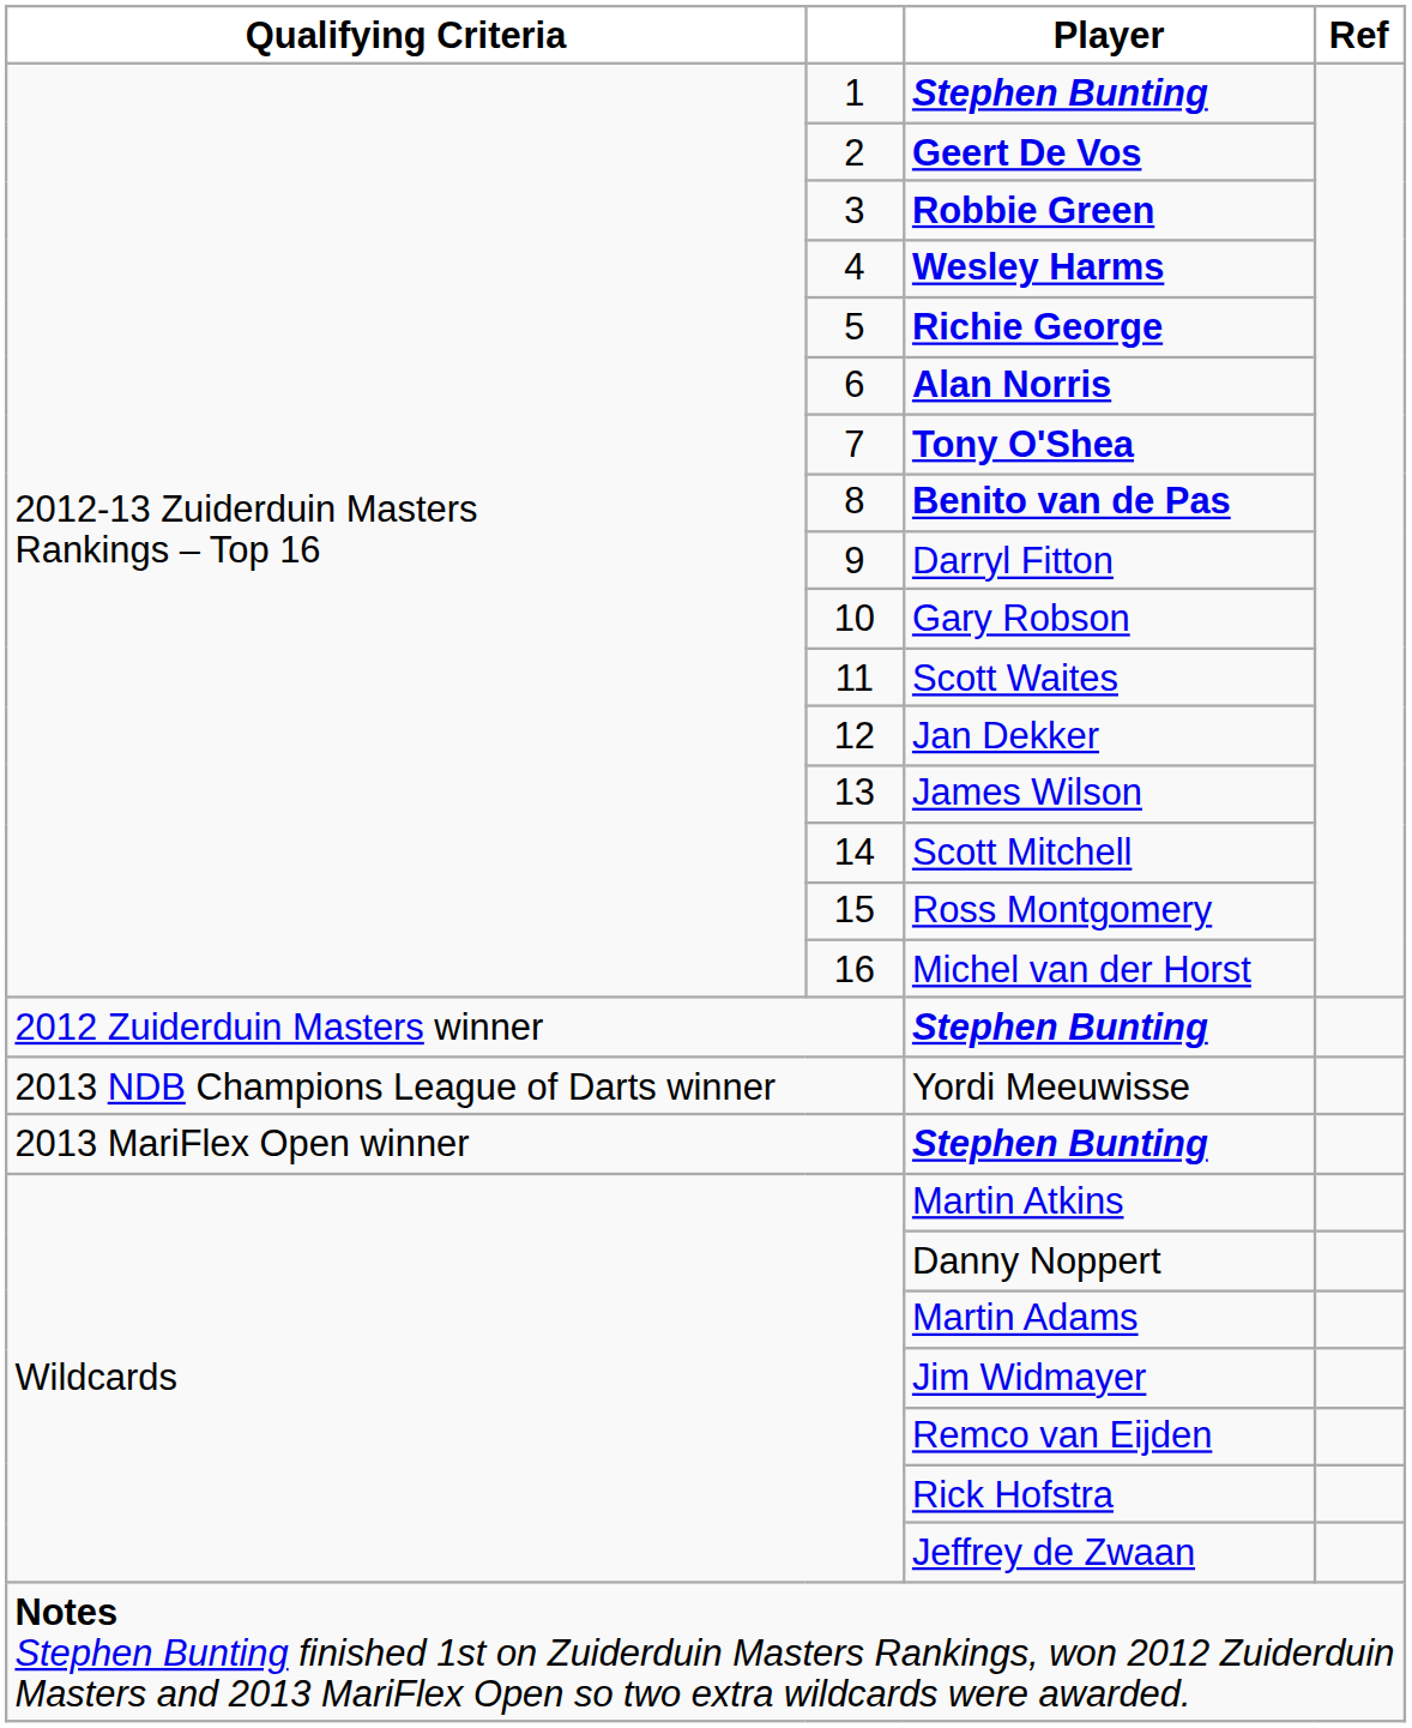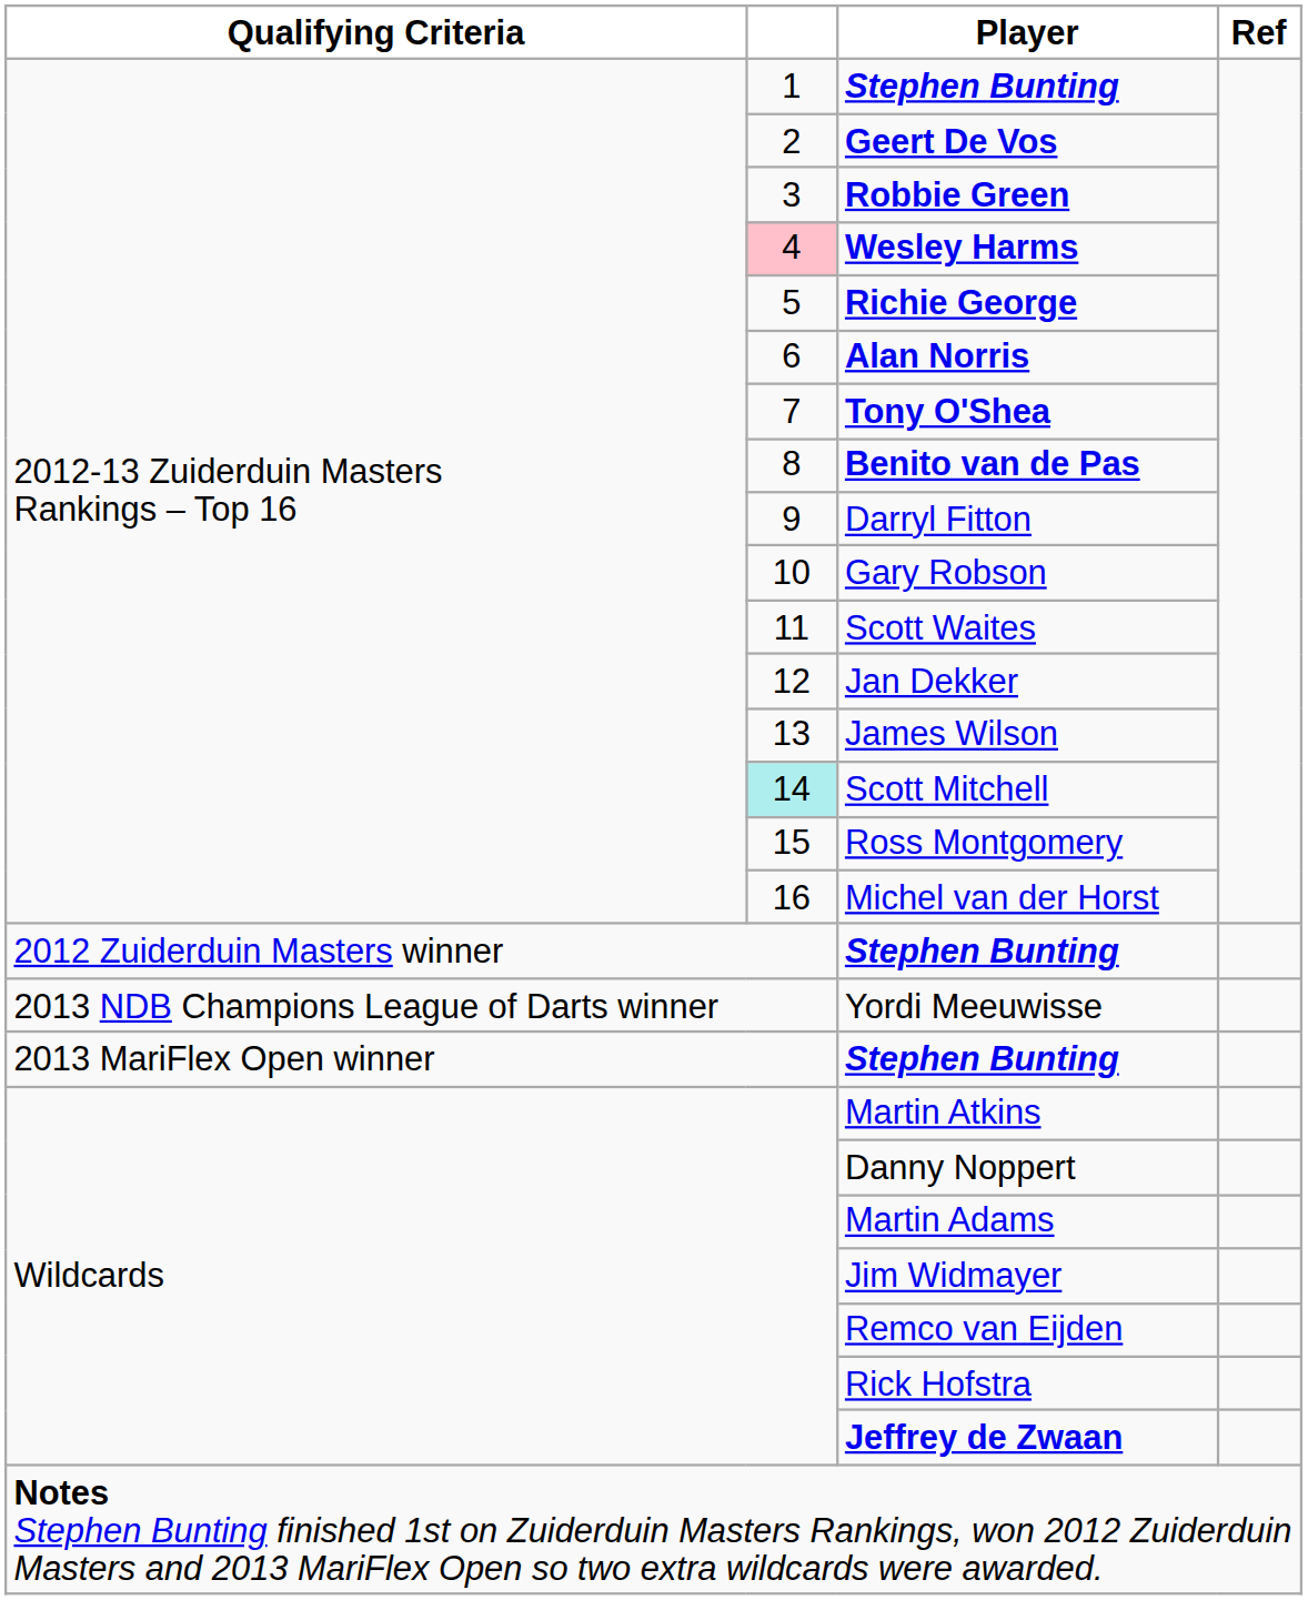 <table class="wikitable sortable collapsible collapsed" style="font-size:85%;">
 <tr>
 <th style="background:#ffffff; color:black;">Qualifying Criteria</th>
 <th style="background:#ffffff; color:black;"></th>
 <th style="background:#ffffff; color:black;">Player</th>
 <th style="background:#ffffff; color:black;">Ref</th>
 </tr>
 <tr>
 <td rowspan=16>2012-13 Zuiderduin Masters<br>Rankings – Top 16</td>
 <td style="text-align: center;">1</td>
 <td> <strong><em><a href='#'>Stephen Bunting</a></em></strong></td>
 <td rowspan=16></td>
 </tr>
 <tr>
 <td style="text-align: center;">2</td>
 <td> <strong><a href='#'>Geert De Vos</a></strong></td>
 </tr>
 <tr>
 <td style="text-align: center;">3</td>
 <td> <strong><a href='#'>Robbie Green</a></strong></td>
 </tr>
 <tr>
-<td style="text-align: center;">4</td>
+<td style="background: pink; text-align: center;">4</td>
 <td> <strong><a href='#'>Wesley Harms</a></strong></td>
 </tr>
 <tr>
 <td style="text-align: center;">5</td>
 <td> <strong><a href='#'>Richie George</a></strong></td>
 </tr>
 <tr>
 <td style="text-align: center;">6</td>
 <td> <strong><a href='#'>Alan Norris</a></strong></td>
 </tr>
 <tr>
 <td style="text-align: center;">7</td>
 <td> <strong><a href='#'>Tony O'Shea</a></strong></td>
 </tr>
 <tr>
 <td style="text-align: center;">8</td>
 <td> <strong><a href='#'>Benito van de Pas</a></strong></td>
 </tr>
 <tr>
 <td style="text-align: center;">9</td>
 <td> <a href='#'>Darryl Fitton</a></td>
 </tr>
 <tr>
 <td style="text-align: center;">10</td>
 <td> <a href='#'>Gary Robson</a></td>
 </tr>
 <tr>
 <td style="text-align: center;">11</td>
 <td> <a href='#'>Scott Waites</a></td>
 </tr>
 <tr>
 <td style="text-align: center;">12</td>
 <td> <a href='#'>Jan Dekker</a></td>
 </tr>
 <tr>
 <td style="text-align: center;">13</td>
 <td> <a href='#'>James Wilson</a></td>
 </tr>
 <tr>
-<td style="text-align: center;">14</td>
+<td style="background: paleturquoise; text-align: center;">14</td>
 <td> <a href='#'>Scott Mitchell</a></td>
 </tr>
 <tr>
 <td style="text-align: center;">15</td>
 <td> <a href='#'>Ross Montgomery</a></td>
 </tr>
 <tr>
 <td style="text-align: center;">16</td>
 <td> <a href='#'>Michel van der Horst</a></td>
 </tr>
 <tr>
 <td colspan=2><a href='#'>2012 Zuiderduin Masters</a> winner</td>
 <td> <strong><em><a href='#'>Stephen Bunting</a></em></strong></td>
 <td></td>
 </tr>
 <tr>
 <td colspan=2>2013 <a href='#'>NDB</a> Champions League of Darts winner</td>
 <td> Yordi Meeuwisse</td>
 <td></td>
 </tr>
 <tr>
 <td colspan=2>2013 MariFlex Open winner</td>
 <td> <strong><em><a href='#'>Stephen Bunting</a></em></strong></td>
 <td></td>
 </tr>
 <tr>
 <td rowspan=7 colspan=2>Wildcards</td>
 <td> <a href='#'>Martin Atkins</a></td>
 <td></td>
 </tr>
 <tr>
 <td> Danny Noppert</td>
 <td></td>
 </tr>
 <tr>
 <td> <a href='#'>Martin Adams</a></td>
 <td></td>
 </tr>
 <tr>
 <td> <a href='#'>Jim Widmayer</a></td>
 <td></td>
 </tr>
 <tr>
 <td> <a href='#'>Remco van Eijden</a></td>
 <td></td>
 </tr>
 <tr>
 <td> <a href='#'>Rick Hofstra</a></td>
 <td></td>
 </tr>
 <tr>
-<td> <a href='#'>Jeffrey de Zwaan</a></td>
+<td><strong> <a href='#'>Jeffrey de Zwaan</a></strong></td>
 <td></td>
 </tr>
 <tr>
 <td colspan=4><strong>Notes</strong><br><em><a href='#'>Stephen Bunting</a> finished 1st on Zuiderduin Masters Rankings, won 2012 Zuiderduin<br>Masters and 2013 MariFlex Open so two extra wildcards were awarded.</em></td>
 </tr>
 </table>
